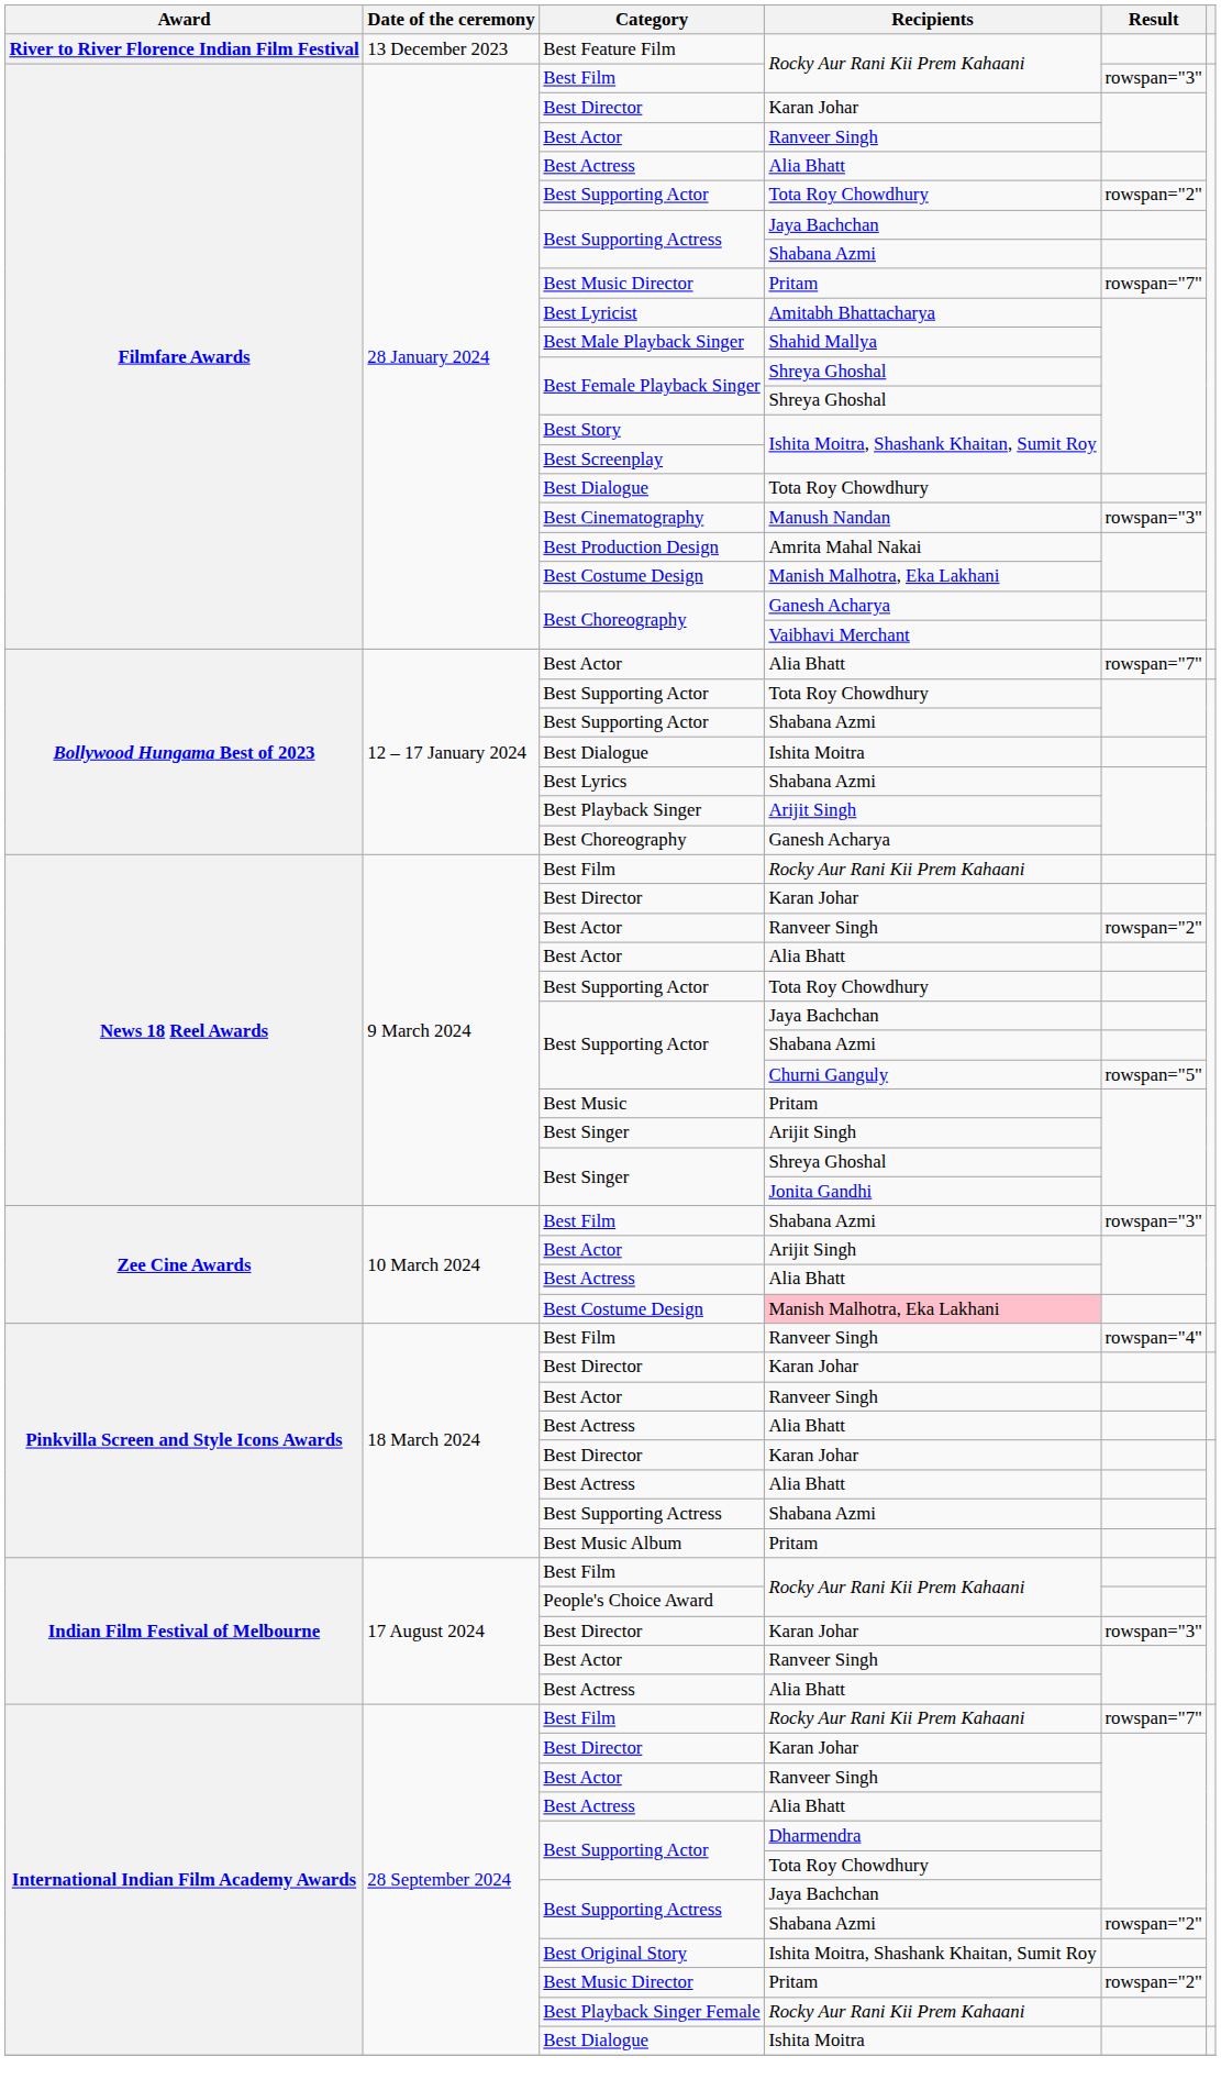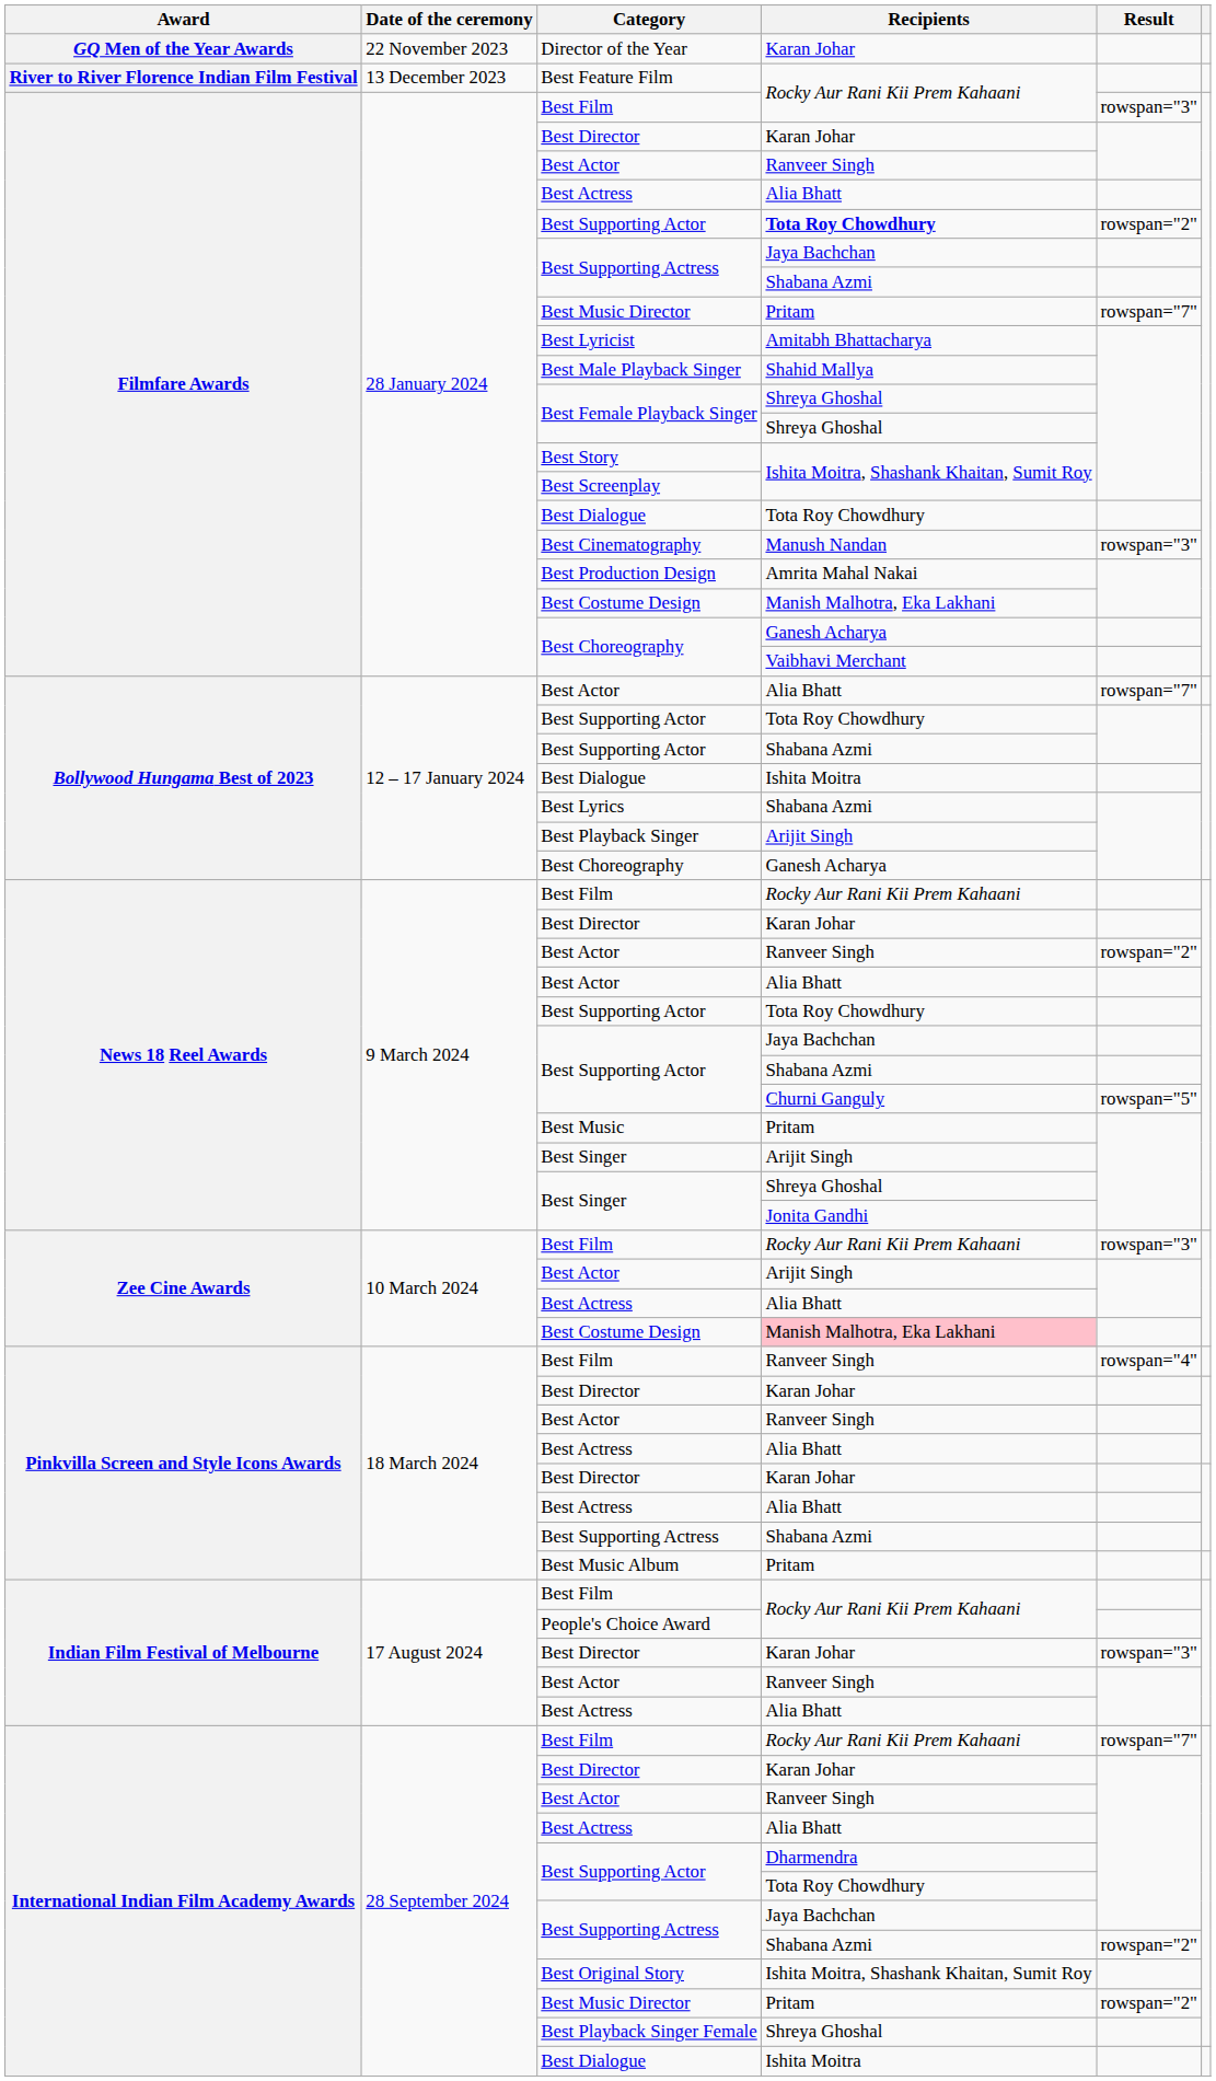 <table class="wikitable plainrowheaders sortable">
 <tr>
 <th scope="col">Award</th>
 <th scope="col">Date of the ceremony</th>
 <th scope="col">Category</th>
 <th scope="col">Recipients</th>
 <th scope="col">Result</th>
 <th scope="col" class="unsortable"></th>
+</tr>
+<tr>
+<th scope="row"><a href='#'><em>GQ</em> Men of the Year Awards</a></th>
+<td>22 November 2023</td>
+<td>Director of the Year</td>
+<td><a href='#'>Karan Johar</a></td>
+<td></td>
+<td align="center"></td>
 </tr>
 <tr>
 <th scope="row"><a href='#'>River to River Florence Indian Film Festival</a></th>
 <td>13 December 2023</td>
 <td>Best Feature Film</td>
 <td rowspan="2"><em>Rocky Aur Rani Kii Prem Kahaani</em></td>
 <td></td>
 <td align="center"></td>
 </tr>
 <tr>
 <th scope="row" rowspan="20"><a href='#'>Filmfare Awards</a></th>
 <td rowspan="20"><a href='#'>28 January 2024</a></td>
 <td><a href='#'>Best Film</a></td>
 <td>rowspan="3" </td>
 <td rowspan="20" align="center"></td>
 </tr>
 <tr>
 <td><a href='#'>Best Director</a></td>
 <td>Karan Johar</td>
 </tr>
 <tr>
 <td><a href='#'>Best Actor</a></td>
 <td><a href='#'>Ranveer Singh</a></td>
 </tr>
 <tr>
 <td><a href='#'>Best Actress</a></td>
 <td><a href='#'>Alia Bhatt</a></td>
 <td></td>
 </tr>
 <tr>
 <td><a href='#'>Best Supporting Actor</a></td>
-<td><a href='#'>Tota Roy Chowdhury</a></td>
+<td><strong><a href='#'>Tota Roy Chowdhury</a></strong></td>
 <td>rowspan="2" </td>
 </tr>
 <tr>
 <td rowspan="2"><a href='#'>Best Supporting Actress</a></td>
 <td><a href='#'>Jaya Bachchan</a></td>
 </tr>
 <tr>
 <td><a href='#'>Shabana Azmi</a></td>
 <td></td>
 </tr>
 <tr>
 <td><a href='#'>Best Music Director</a></td>
 <td><a href='#'>Pritam</a></td>
 <td>rowspan="7" </td>
 </tr>
 <tr>
 <td><a href='#'>Best Lyricist</a></td>
 <td><a href='#'>Amitabh Bhattacharya</a> </td>
 </tr>
 <tr>
 <td><a href='#'>Best Male Playback Singer</a></td>
 <td><a href='#'>Shahid Mallya</a> </td>
 </tr>
 <tr>
 <td rowspan="2"><a href='#'>Best Female Playback Singer</a></td>
 <td><a href='#'>Shreya Ghoshal</a> </td>
 </tr>
 <tr>
 <td>Shreya Ghoshal </td>
 </tr>
 <tr>
 <td><a href='#'>Best Story</a></td>
 <td rowspan="2"><a href='#'>Ishita Moitra</a>, <a href='#'>Shashank Khaitan</a>, <a href='#'>Sumit Roy</a></td>
 </tr>
 <tr>
 <td><a href='#'>Best Screenplay</a></td>
 </tr>
 <tr>
 <td><a href='#'>Best Dialogue</a></td>
 <td>Tota Roy Chowdhury</td>
 <td></td>
 </tr>
 <tr>
 <td><a href='#'>Best Cinematography</a></td>
 <td><a href='#'>Manush Nandan</a></td>
 <td>rowspan="3" </td>
 </tr>
 <tr>
 <td><a href='#'>Best Production Design</a></td>
 <td>Amrita Mahal Nakai</td>
 </tr>
 <tr>
 <td><a href='#'>Best Costume Design</a></td>
 <td><a href='#'>Manish Malhotra</a>, <a href='#'>Eka Lakhani</a></td>
 </tr>
 <tr>
 <td rowspan="2"><a href='#'>Best Choreography</a></td>
 <td><a href='#'>Ganesh Acharya</a> </td>
 <td></td>
 </tr>
 <tr>
 <td><a href='#'>Vaibhavi Merchant</a> </td>
 <td></td>
 </tr>
 <tr>
 <th scope="row" rowspan="7"><a href='#'><em>Bollywood Hungama</em> Best of 2023</a></th>
 <td rowspan="7">12 – 17 January 2024</td>
 <td>Best Actor </td>
 <td>Alia Bhatt</td>
 <td>rowspan="7" </td>
 <td align="center"></td>
 </tr>
 <tr>
 <td>Best Supporting Actor </td>
 <td>Tota Roy Chowdhury</td>
 <td rowspan="2" align="center"></td>
 </tr>
 <tr>
 <td>Best Supporting Actor </td>
 <td>Shabana Azmi</td>
 </tr>
 <tr>
 <td>Best Dialogue</td>
 <td>Ishita Moitra</td>
 <td align="center"></td>
 </tr>
 <tr>
 <td>Best Lyrics</td>
 <td>Shabana Azmi</td>
 <td rowspan="3" align="center"></td>
 </tr>
 <tr>
 <td>Best Playback Singer </td>
 <td><a href='#'>Arijit Singh</a> </td>
 </tr>
 <tr>
 <td>Best Choreography</td>
 <td>Ganesh Acharya </td>
 </tr>
 <tr>
 <th scope="row" rowspan="12"><a href='#'>News 18</a> <a href='#'>Reel Awards</a></th>
 <td rowspan="12">9 March 2024</td>
 <td>Best Film</td>
 <td><em>Rocky Aur Rani Kii Prem Kahaani</em></td>
 <td></td>
 <td rowspan="12" align="center"></td>
 </tr>
 <tr>
 <td>Best Director</td>
 <td>Karan Johar</td>
 <td></td>
 </tr>
 <tr>
 <td>Best Actor </td>
 <td>Ranveer Singh</td>
 <td>rowspan="2" </td>
 </tr>
 <tr>
 <td>Best Actor </td>
 <td>Alia Bhatt</td>
 </tr>
 <tr>
 <td>Best Supporting Actor </td>
 <td>Tota Roy Chowdhury</td>
 <td></td>
 </tr>
 <tr>
 <td rowspan="3">Best Supporting Actor </td>
 <td>Jaya Bachchan</td>
 <td></td>
 </tr>
 <tr>
 <td>Shabana Azmi</td>
 <td></td>
 </tr>
 <tr>
 <td><a href='#'>Churni Ganguly</a></td>
 <td>rowspan="5" </td>
 </tr>
 <tr>
 <td>Best Music</td>
 <td>Pritam</td>
 </tr>
 <tr>
 <td>Best Singer </td>
 <td>Arijit Singh </td>
 </tr>
 <tr>
 <td rowspan="2">Best Singer </td>
 <td>Shreya Ghoshal </td>
 </tr>
 <tr>
 <td><a href='#'>Jonita Gandhi</a> </td>
 </tr>
 <tr>
 <th scope="row" rowspan="4"><a href='#'>Zee Cine Awards</a></th>
 <td rowspan="4">10 March 2024</td>
 <td><a href='#'>Best Film</a></td>
-<td>Shabana Azmi</td>
+<td><em>Rocky Aur Rani Kii Prem Kahaani</em></td>
 <td>rowspan="3" </td>
 <td rowspan="4" align="center"></td>
 </tr>
 <tr>
 <td><a href='#'>Best Actor</a></td>
 <td>Arijit Singh </td>
 </tr>
 <tr>
 <td><a href='#'>Best Actress</a></td>
 <td>Alia Bhatt</td>
 </tr>
 <tr>
 <td><a href='#'>Best Costume Design</a></td>
 <td style="background: pink;">Manish Malhotra, Eka Lakhani</td>
 <td></td>
 </tr>
 <tr>
 <th scope="row" rowspan="8"><a href='#'>Pinkvilla Screen and Style Icons Awards</a></th>
 <td rowspan="8">18 March 2024</td>
 <td>Best Film </td>
 <td>Ranveer Singh</td>
 <td>rowspan="4" </td>
 <td align="center"></td>
 </tr>
 <tr>
 <td>Best Director </td>
 <td>Karan Johar</td>
 <td align="center"></td>
 </tr>
 <tr>
 <td>Best Actor </td>
 <td>Ranveer Singh</td>
 <td align="center"></td>
 </tr>
 <tr>
 <td>Best Actress </td>
 <td>Alia Bhatt</td>
 <td align="center"></td>
 </tr>
 <tr>
 <td>Best Director </td>
 <td>Karan Johar</td>
 <td></td>
 <td rowspan="3" align="center"></td>
 </tr>
 <tr>
 <td>Best Actress </td>
 <td>Alia Bhatt</td>
 <td></td>
 </tr>
 <tr>
 <td>Best Supporting Actress</td>
 <td>Shabana Azmi</td>
 <td></td>
 </tr>
 <tr>
 <td>Best Music Album</td>
 <td>Pritam</td>
 <td></td>
 <td align="center"></td>
 </tr>
 <tr>
 <th scope="row" rowspan="5"><a href='#'>Indian Film Festival of Melbourne</a></th>
 <td rowspan="5">17 August 2024</td>
 <td>Best Film</td>
 <td rowspan="2"><em>Rocky Aur Rani Kii Prem Kahaani</em></td>
 <td></td>
 <td style="text-align: center;" rowspan="5"></td>
 </tr>
 <tr>
 <td>People's Choice Award</td>
 <td></td>
 </tr>
 <tr>
 <td>Best Director</td>
 <td>Karan Johar</td>
 <td>rowspan="3" </td>
 </tr>
 <tr>
 <td>Best Actor</td>
 <td>Ranveer Singh</td>
 </tr>
 <tr>
 <td>Best Actress</td>
 <td>Alia Bhatt</td>
 </tr>
 <tr>
 <th scope="row" rowspan="12"><a href='#'>International Indian Film Academy Awards</a></th>
 <td rowspan="12"><a href='#'>28 September 2024</a></td>
 <td><a href='#'>Best Film</a></td>
 <td><em>Rocky Aur Rani Kii Prem Kahaani</em></td>
 <td>rowspan="7" </td>
 <td style="text-align: center;" rowspan="11"></td>
 </tr>
 <tr>
 <td><a href='#'>Best Director</a></td>
 <td>Karan Johar</td>
 </tr>
 <tr>
 <td><a href='#'>Best Actor</a></td>
 <td>Ranveer Singh</td>
 </tr>
 <tr>
 <td><a href='#'>Best Actress</a></td>
 <td>Alia Bhatt</td>
 </tr>
 <tr>
 <td rowspan="2"><a href='#'>Best Supporting Actor</a></td>
 <td><a href='#'>Dharmendra</a></td>
 </tr>
 <tr>
 <td>Tota Roy Chowdhury</td>
 </tr>
 <tr>
 <td rowspan="2"><a href='#'>Best Supporting Actress</a></td>
 <td>Jaya Bachchan</td>
 </tr>
 <tr>
 <td>Shabana Azmi</td>
 <td>rowspan="2" </td>
 </tr>
 <tr>
 <td><a href='#'>Best Original Story</a></td>
 <td>Ishita Moitra, Shashank Khaitan, Sumit Roy</td>
 </tr>
 <tr>
 <td><a href='#'>Best Music Director</a></td>
 <td>Pritam</td>
 <td>rowspan="2" </td>
 </tr>
 <tr>
 <td><a href='#'>Best Playback Singer Female</a></td>
-<td><em>Rocky Aur Rani Kii Prem Kahaani</em></td>
+<td>Shreya Ghoshal </td>
 </tr>
 <tr>
 <td><a href='#'>Best Dialogue</a></td>
 <td>Ishita Moitra</td>
 <td></td>
 <td align="center"></td>
 </tr>
 <tr>
 </tr>
 </table>
